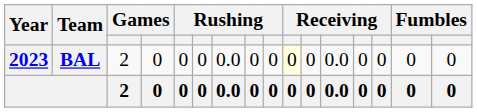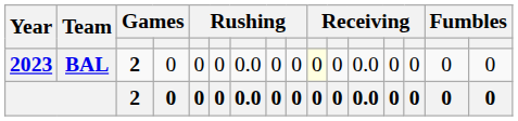 <table class="wikitable" style="text-align:center;">
 <tr>
 <th rowspan="2">Year</th>
 <th rowspan="2">Team</th>
 <th colspan="2">Games</th>
 <th colspan="5">Rushing</th>
 <th colspan="5">Receiving</th>
 <th colspan="2">Fumbles</th>
 </tr>
 <tr>
 <th></th>
 <th></th>
 <th></th>
 <th></th>
 <th></th>
 <th></th>
 <th></th>
 <th></th>
 <th></th>
 <th></th>
 <th></th>
 <th></th>
 <th></th>
 <th></th>
 </tr>
 <tr>
 <th><a href='#'>2023</a></th>
 <th><a href='#'>BAL</a></th>
-<td>2</td>
+<td><strong>2</strong></td>
 <td>0</td>
 <td>0</td>
 <td>0</td>
 <td>0.0</td>
 <td>0</td>
 <td>0</td>
 <td style="background: lightyellow;">0</td>
 <td>0</td>
 <td>0.0</td>
 <td>0</td>
 <td>0</td>
 <td>0</td>
 <td>0</td>
 </tr>
 <tr>
 <th colspan="2"></th>
 <th>2</th>
 <th>0</th>
 <th>0</th>
 <th>0</th>
 <th>0.0</th>
 <th>0</th>
 <th>0</th>
 <th>0</th>
 <th>0</th>
 <th>0.0</th>
 <th>0</th>
 <th>0</th>
 <th>0</th>
 <th>0</th>
 </tr>
 </table>
